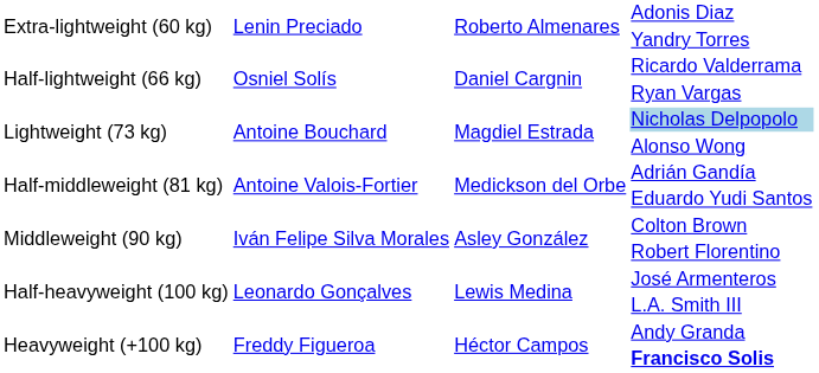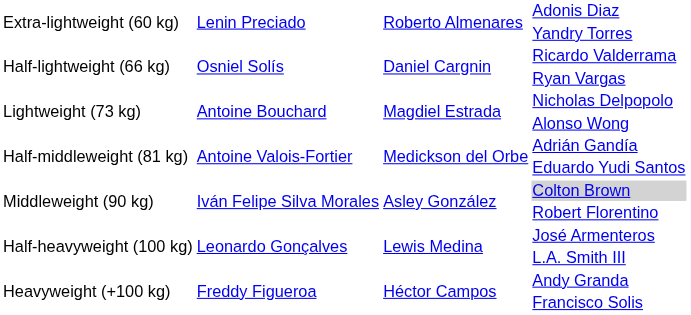 <table>
 <tr>
 <td rowspan=2>Extra-lightweight (60 kg)</td>
 <td rowspan=2><a href='#'>Lenin Preciado</a><br></td>
 <td rowspan=2><a href='#'>Roberto Almenares</a><br></td>
 <td><a href='#'>Adonis Diaz</a><br></td>
 </tr>
 <tr>
 <td><a href='#'>Yandry Torres</a><br></td>
 </tr>
 <tr>
 <td rowspan=2>Half-lightweight (66 kg)</td>
 <td rowspan=2><a href='#'>Osniel Solís</a><br></td>
 <td rowspan=2><a href='#'>Daniel Cargnin</a><br></td>
 <td><a href='#'>Ricardo Valderrama</a><br></td>
 </tr>
 <tr>
 <td><a href='#'>Ryan Vargas</a><br></td>
 </tr>
 <tr>
 <td rowspan=2>Lightweight (73 kg)</td>
 <td rowspan=2><a href='#'>Antoine Bouchard</a><br></td>
 <td rowspan=2><a href='#'>Magdiel Estrada</a><br></td>
-<td style="background: lightblue;"><a href='#'>Nicholas Delpopolo</a><br></td>
+<td><a href='#'>Nicholas Delpopolo</a><br></td>
 </tr>
 <tr>
 <td><a href='#'>Alonso Wong</a><br></td>
 </tr>
 <tr>
 <td rowspan=2>Half-middleweight (81 kg)</td>
 <td rowspan=2><a href='#'>Antoine Valois-Fortier</a><br></td>
 <td rowspan=2><a href='#'>Medickson del Orbe</a><br></td>
 <td><a href='#'>Adrián Gandía</a><br></td>
 </tr>
 <tr>
 <td><a href='#'>Eduardo Yudi Santos</a><br></td>
 </tr>
 <tr>
 <td rowspan=2>Middleweight (90 kg)</td>
 <td rowspan=2><a href='#'>Iván Felipe Silva Morales</a><br></td>
 <td rowspan=2><a href='#'>Asley González</a><br></td>
-<td><a href='#'>Colton Brown</a><br></td>
+<td style="background: lightgrey;"><a href='#'>Colton Brown</a><br></td>
 </tr>
 <tr>
 <td><a href='#'>Robert Florentino</a><br></td>
 </tr>
 <tr>
 <td rowspan=2>Half-heavyweight (100 kg)</td>
 <td rowspan=2><a href='#'>Leonardo Gonçalves</a><br></td>
 <td rowspan=2><a href='#'>Lewis Medina</a><br></td>
 <td><a href='#'>José Armenteros</a><br></td>
 </tr>
 <tr>
 <td><a href='#'>L.A. Smith III</a><br></td>
 </tr>
 <tr>
 <td rowspan=2>Heavyweight (+100 kg)</td>
 <td rowspan=2><a href='#'>Freddy Figueroa</a><br></td>
 <td rowspan=2><a href='#'>Héctor Campos</a><br></td>
 <td><a href='#'>Andy Granda</a><br></td>
 </tr>
 <tr>
-<td><strong><a href='#'>Francisco Solis</a><br></strong></td>
+<td><a href='#'>Francisco Solis</a><br></td>
 </tr>
 </table>
